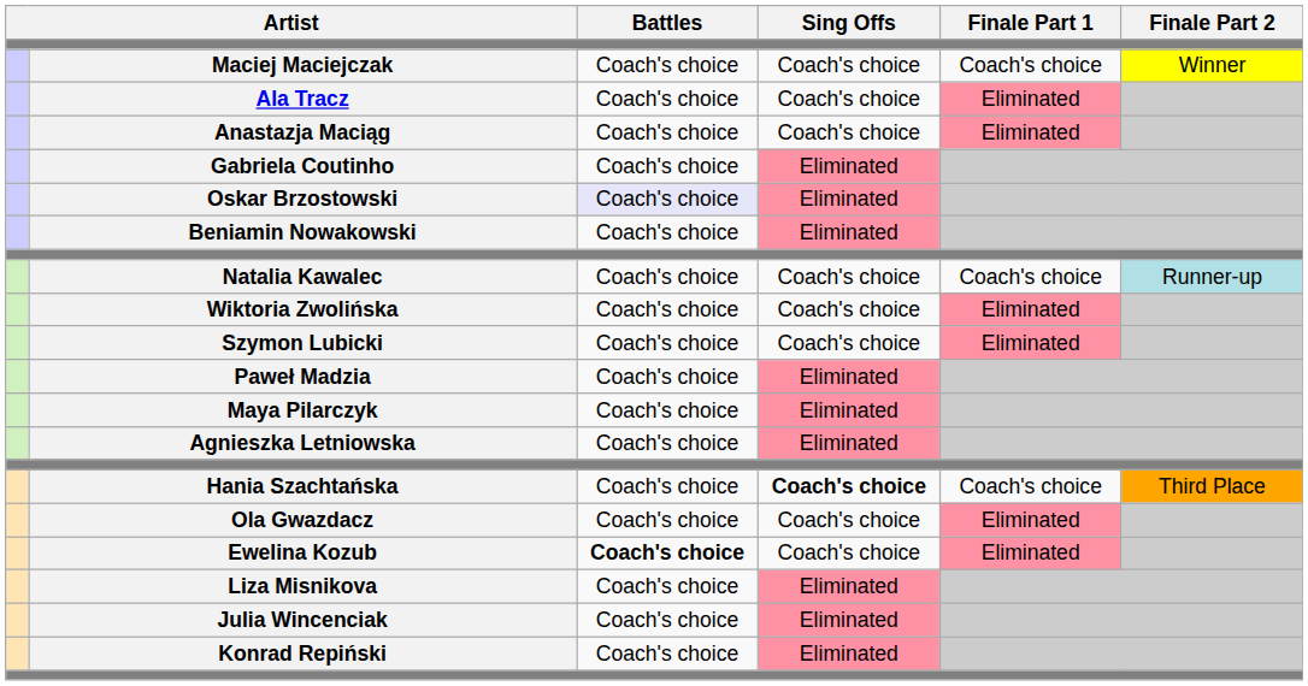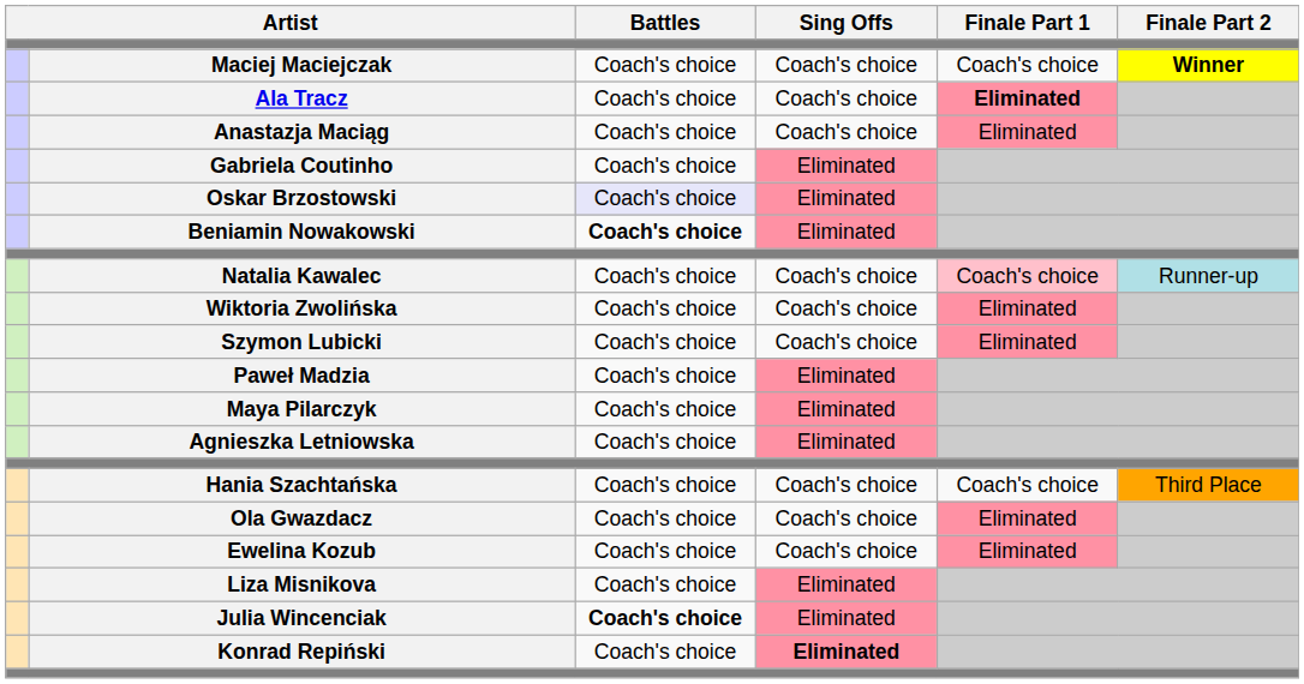 <table class="wikitable"  style="font-size:90%; text-align:center; width:100%;">
 <tr>
 <th colspan="2">Artist</th>
 <th style="width:14%;">Battles</th>
 <th style="width:14%;">Sing Offs</th>
 <th style="width:14%;">Finale Part 1</th>
 <th style="width:14%;">Finale Part 2</th>
 </tr>
 <tr>
 <th colspan="6" style="background:gray;"></th>
 </tr>
 <tr>
 <th style="background:#ccf;"></th>
 <th>Maciej Maciejczak</th>
 <td>Coach's choice</td>
 <td>Coach's choice</td>
 <td>Coach's choice</td>
-<td bgcolor=yellow>Winner</td>
+<td bgcolor=yellow><strong>Winner</strong></td>
 </tr>
 <tr>
 <th style="background:#ccf;"></th>
 <th><a href='#'>Ala Tracz</a></th>
 <td>Coach's choice</td>
 <td>Coach's choice</td>
-<td style="background:#FF91A4;">Eliminated</td>
+<td style="background:#FF91A4;"><strong>Eliminated</strong></td>
 <td style="background:#ccc;"></td>
 </tr>
 <tr>
 <th style="background:#ccf;"></th>
 <th>Anastazja Maciąg</th>
 <td>Coach's choice</td>
 <td>Coach's choice</td>
 <td style="background:#FF91A4;">Eliminated</td>
 <td style="background:#ccc;"></td>
 </tr>
 <tr>
 <th style="background:#ccf;"></th>
 <th>Gabriela Coutinho</th>
 <td>Coach's choice</td>
 <td style="background:#FF91A4;">Eliminated</td>
 <td colspan="2" style="background:#ccc;"></td>
 </tr>
 <tr>
 <th style="background:#ccf;"></th>
 <th>Oskar Brzostowski</th>
 <td style="background: lavender;">Coach's choice</td>
 <td style="background:#FF91A4;">Eliminated</td>
 <td colspan="2" style="background:#ccc;"></td>
 </tr>
 <tr>
 <th style="background:#ccf;"></th>
 <th>Beniamin Nowakowski</th>
-<td>Coach's choice</td>
+<td><strong>Coach's choice</strong></td>
 <td style="background:#FF91A4;">Eliminated</td>
 <td colspan="2" style="background:#ccc;"></td>
 </tr>
 <tr>
 <th colspan="6" style="background:gray;"></th>
 </tr>
 <tr>
 <th style="background:#d0f0c0;"></th>
 <th>Natalia Kawalec</th>
 <td>Coach's choice</td>
 <td>Coach's choice</td>
-<td>Coach's choice</td>
+<td style="background: pink;">Coach's choice</td>
 <td bgcolor=#b0e0e6>Runner-up</td>
 </tr>
 <tr>
 <th style="background:#d0f0c0;"></th>
 <th>Wiktoria Zwolińska</th>
 <td>Coach's choice</td>
 <td>Coach's choice</td>
 <td style="background:#FF91A4;">Eliminated</td>
 <td style="background:#ccc;"></td>
 </tr>
 <tr>
 <th style="background:#d0f0c0;"></th>
 <th>Szymon Lubicki</th>
 <td>Coach's choice</td>
 <td>Coach's choice</td>
 <td style="background:#FF91A4;">Eliminated</td>
 <td style="background:#ccc;"></td>
 </tr>
 <tr>
 <th style="background:#d0f0c0;"></th>
 <th>Paweł Madzia</th>
 <td>Coach's choice</td>
 <td style="background:#FF91A4;">Eliminated</td>
 <td colspan="2" style="background:#ccc;"></td>
 </tr>
 <tr>
 <th style="background:#d0f0c0;"></th>
 <th>Maya Pilarczyk</th>
 <td>Coach's choice</td>
 <td style="background:#FF91A4;">Eliminated</td>
 <td colspan="2" style="background:#ccc;"></td>
 </tr>
 <tr>
 <th style="background:#d0f0c0;"></th>
 <th>Agnieszka Letniowska</th>
 <td>Coach's choice</td>
 <td style="background:#FF91A4;">Eliminated</td>
 <td colspan="2" style="background:#ccc;"></td>
 </tr>
 <tr>
 <th colspan="9" style="background:gray;"></th>
 </tr>
 <tr>
 <th style="background:#ffe5b4;"></th>
 <th>Hania Szachtańska</th>
 <td>Coach's choice</td>
-<td><strong>Coach's choice</strong></td>
+<td>Coach's choice</td>
 <td>Coach's choice</td>
 <td bgcolor=orange>Third Place</td>
 </tr>
 <tr>
 <th style="background:#ffe5b4;"></th>
 <th>Ola Gwazdacz</th>
 <td>Coach's choice</td>
 <td>Coach's choice</td>
 <td style="background:#FF91A4;">Eliminated</td>
 <td style="background:#ccc;"></td>
 </tr>
 <tr>
 <th style="background:#ffe5b4;"></th>
 <th>Ewelina Kozub</th>
-<td><strong>Coach's choice</strong></td>
+<td>Coach's choice</td>
 <td>Coach's choice</td>
 <td style="background:#FF91A4;">Eliminated</td>
 <td style="background:#ccc;"></td>
 </tr>
 <tr>
 <th style="background:#ffe5b4;"></th>
 <th>Liza Misnikova</th>
 <td>Coach's choice</td>
 <td style="background:#FF91A4;">Eliminated</td>
 <td colspan="2" style="background:#ccc;"></td>
 </tr>
 <tr>
 <th style="background:#ffe5b4;"></th>
 <th>Julia Wincenciak</th>
-<td>Coach's choice</td>
+<td><strong>Coach's choice</strong></td>
 <td style="background:#FF91A4;">Eliminated</td>
 <td colspan="2" style="background:#ccc;"></td>
 </tr>
 <tr>
 <th style="background:#ffe5b4;"></th>
 <th>Konrad Repiński</th>
 <td>Coach's choice</td>
-<td style="background:#FF91A4;">Eliminated</td>
+<td style="background:#FF91A4;"><strong>Eliminated</strong></td>
 <td colspan="2" style="background:#ccc;"></td>
 </tr>
 <tr>
 <th colspan="9" style="background:gray;"></th>
 </tr>
 <tr>
 </tr>
 </table>
